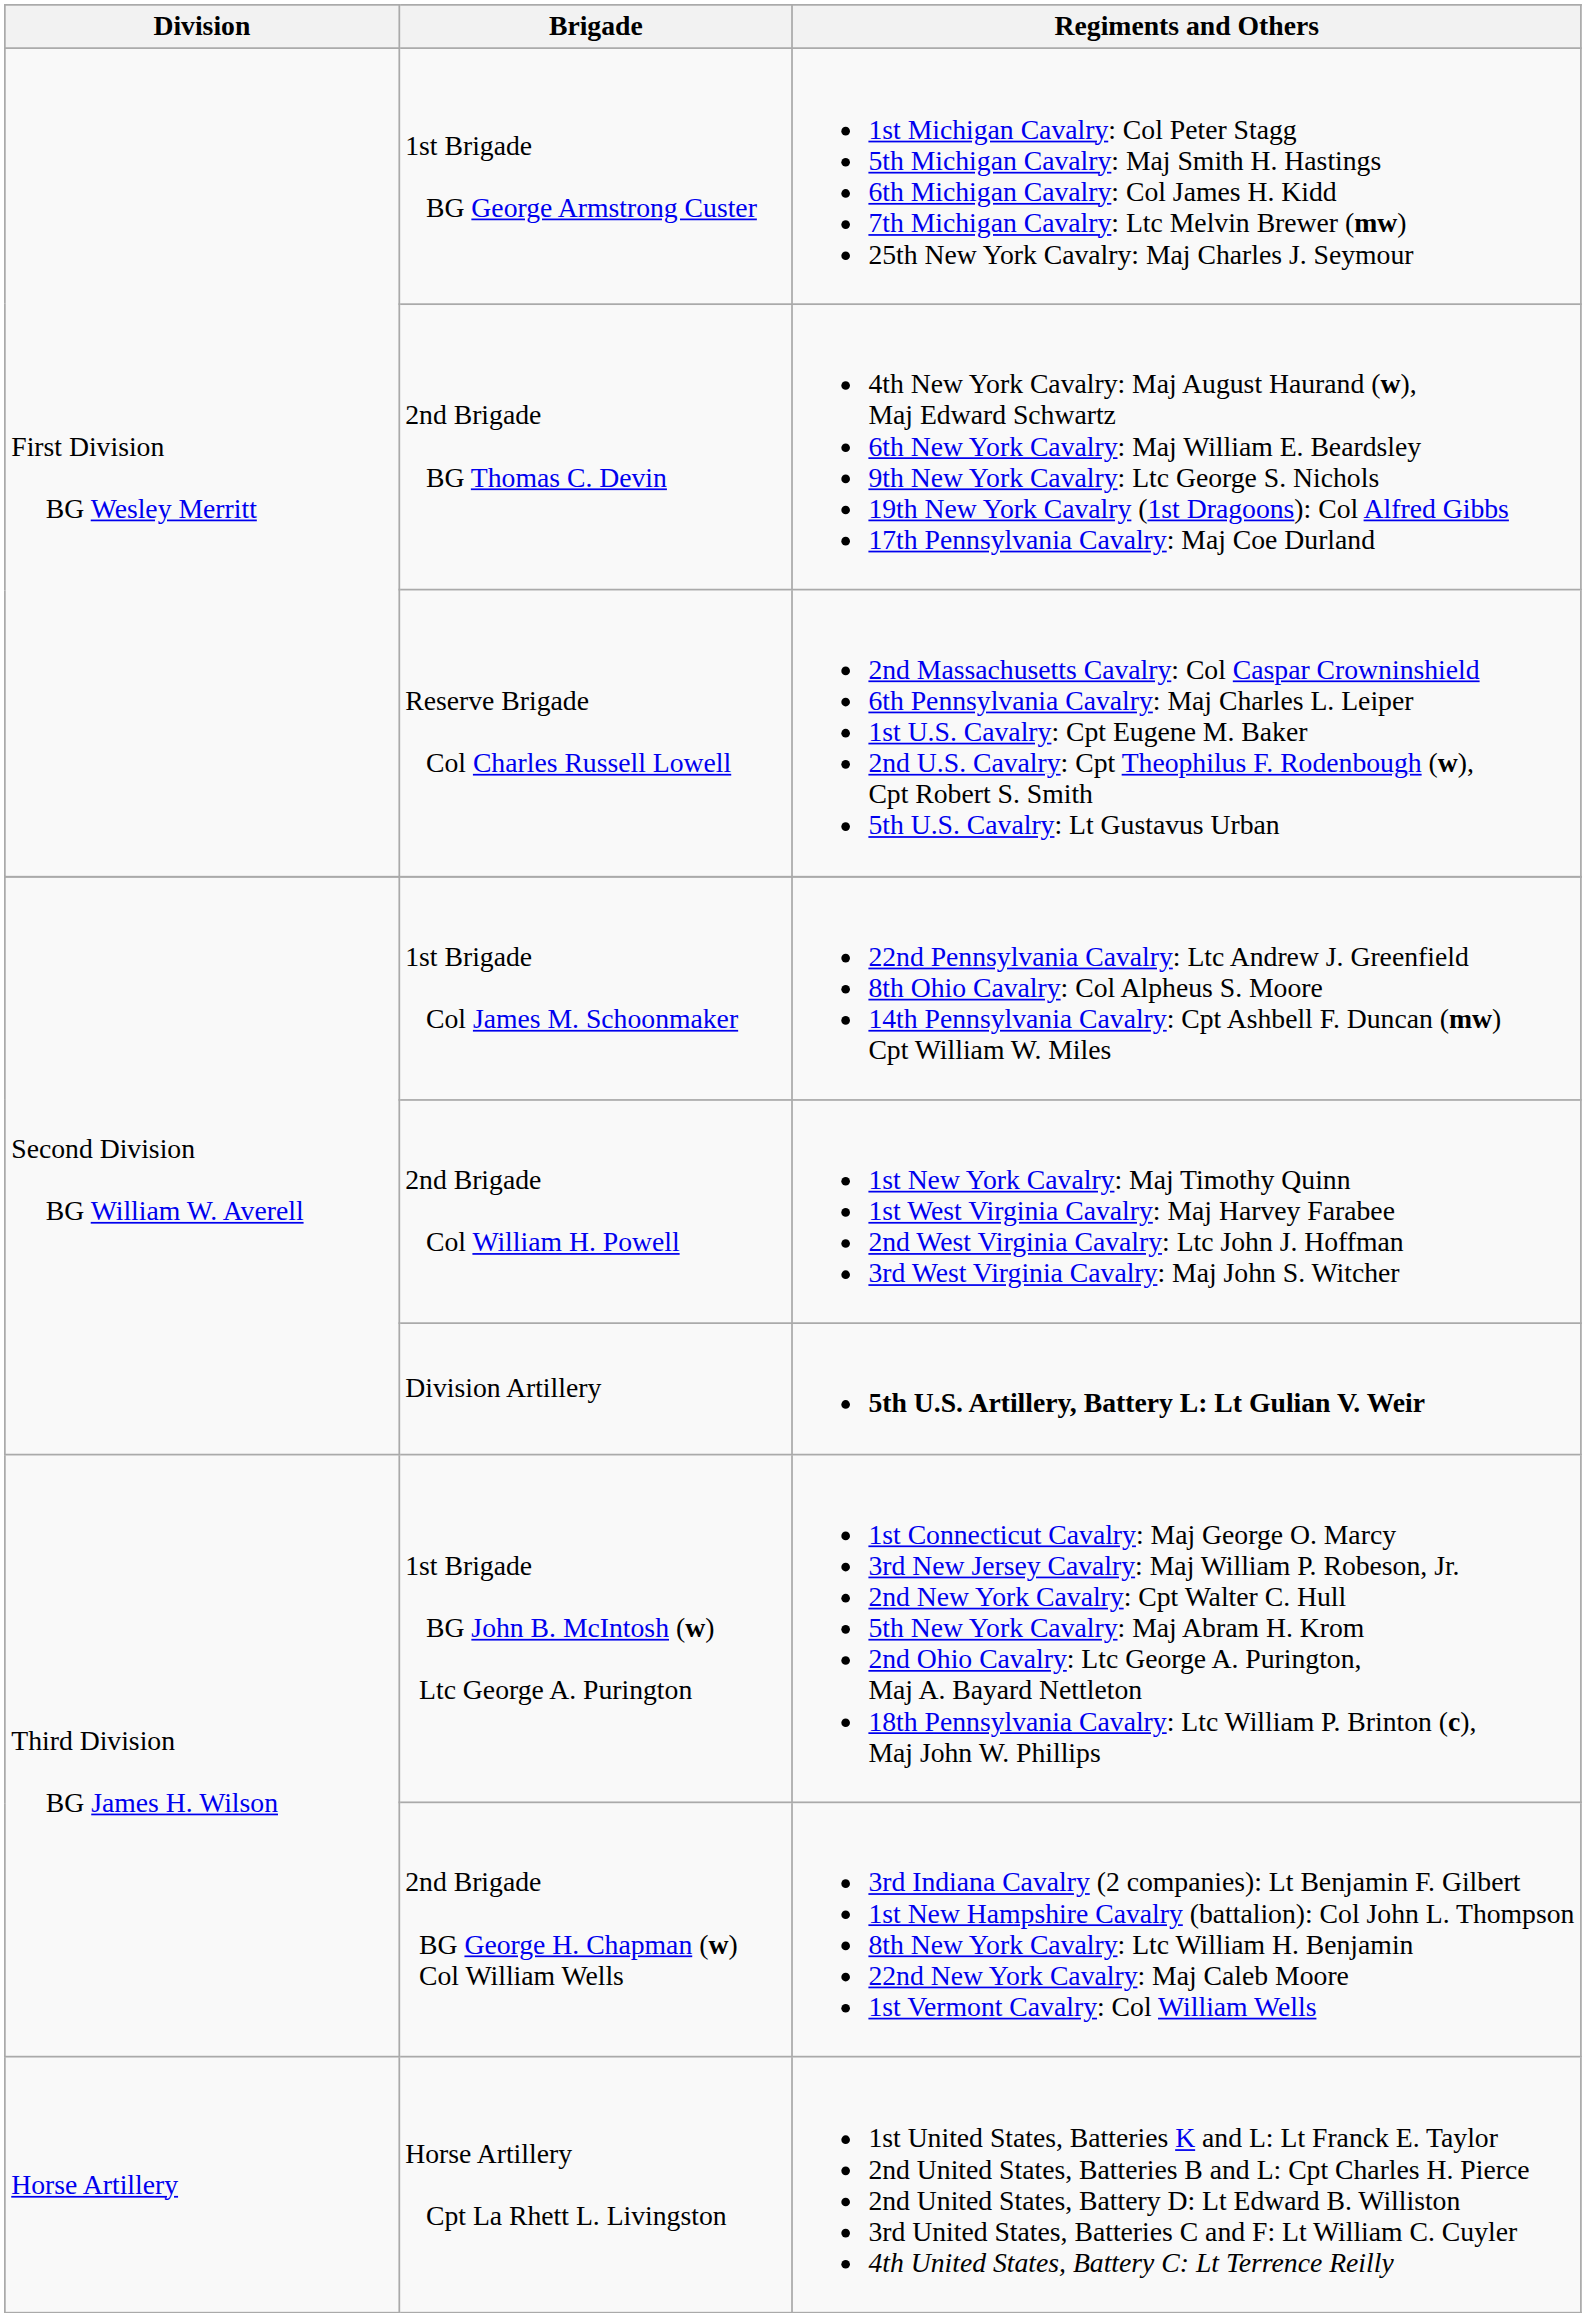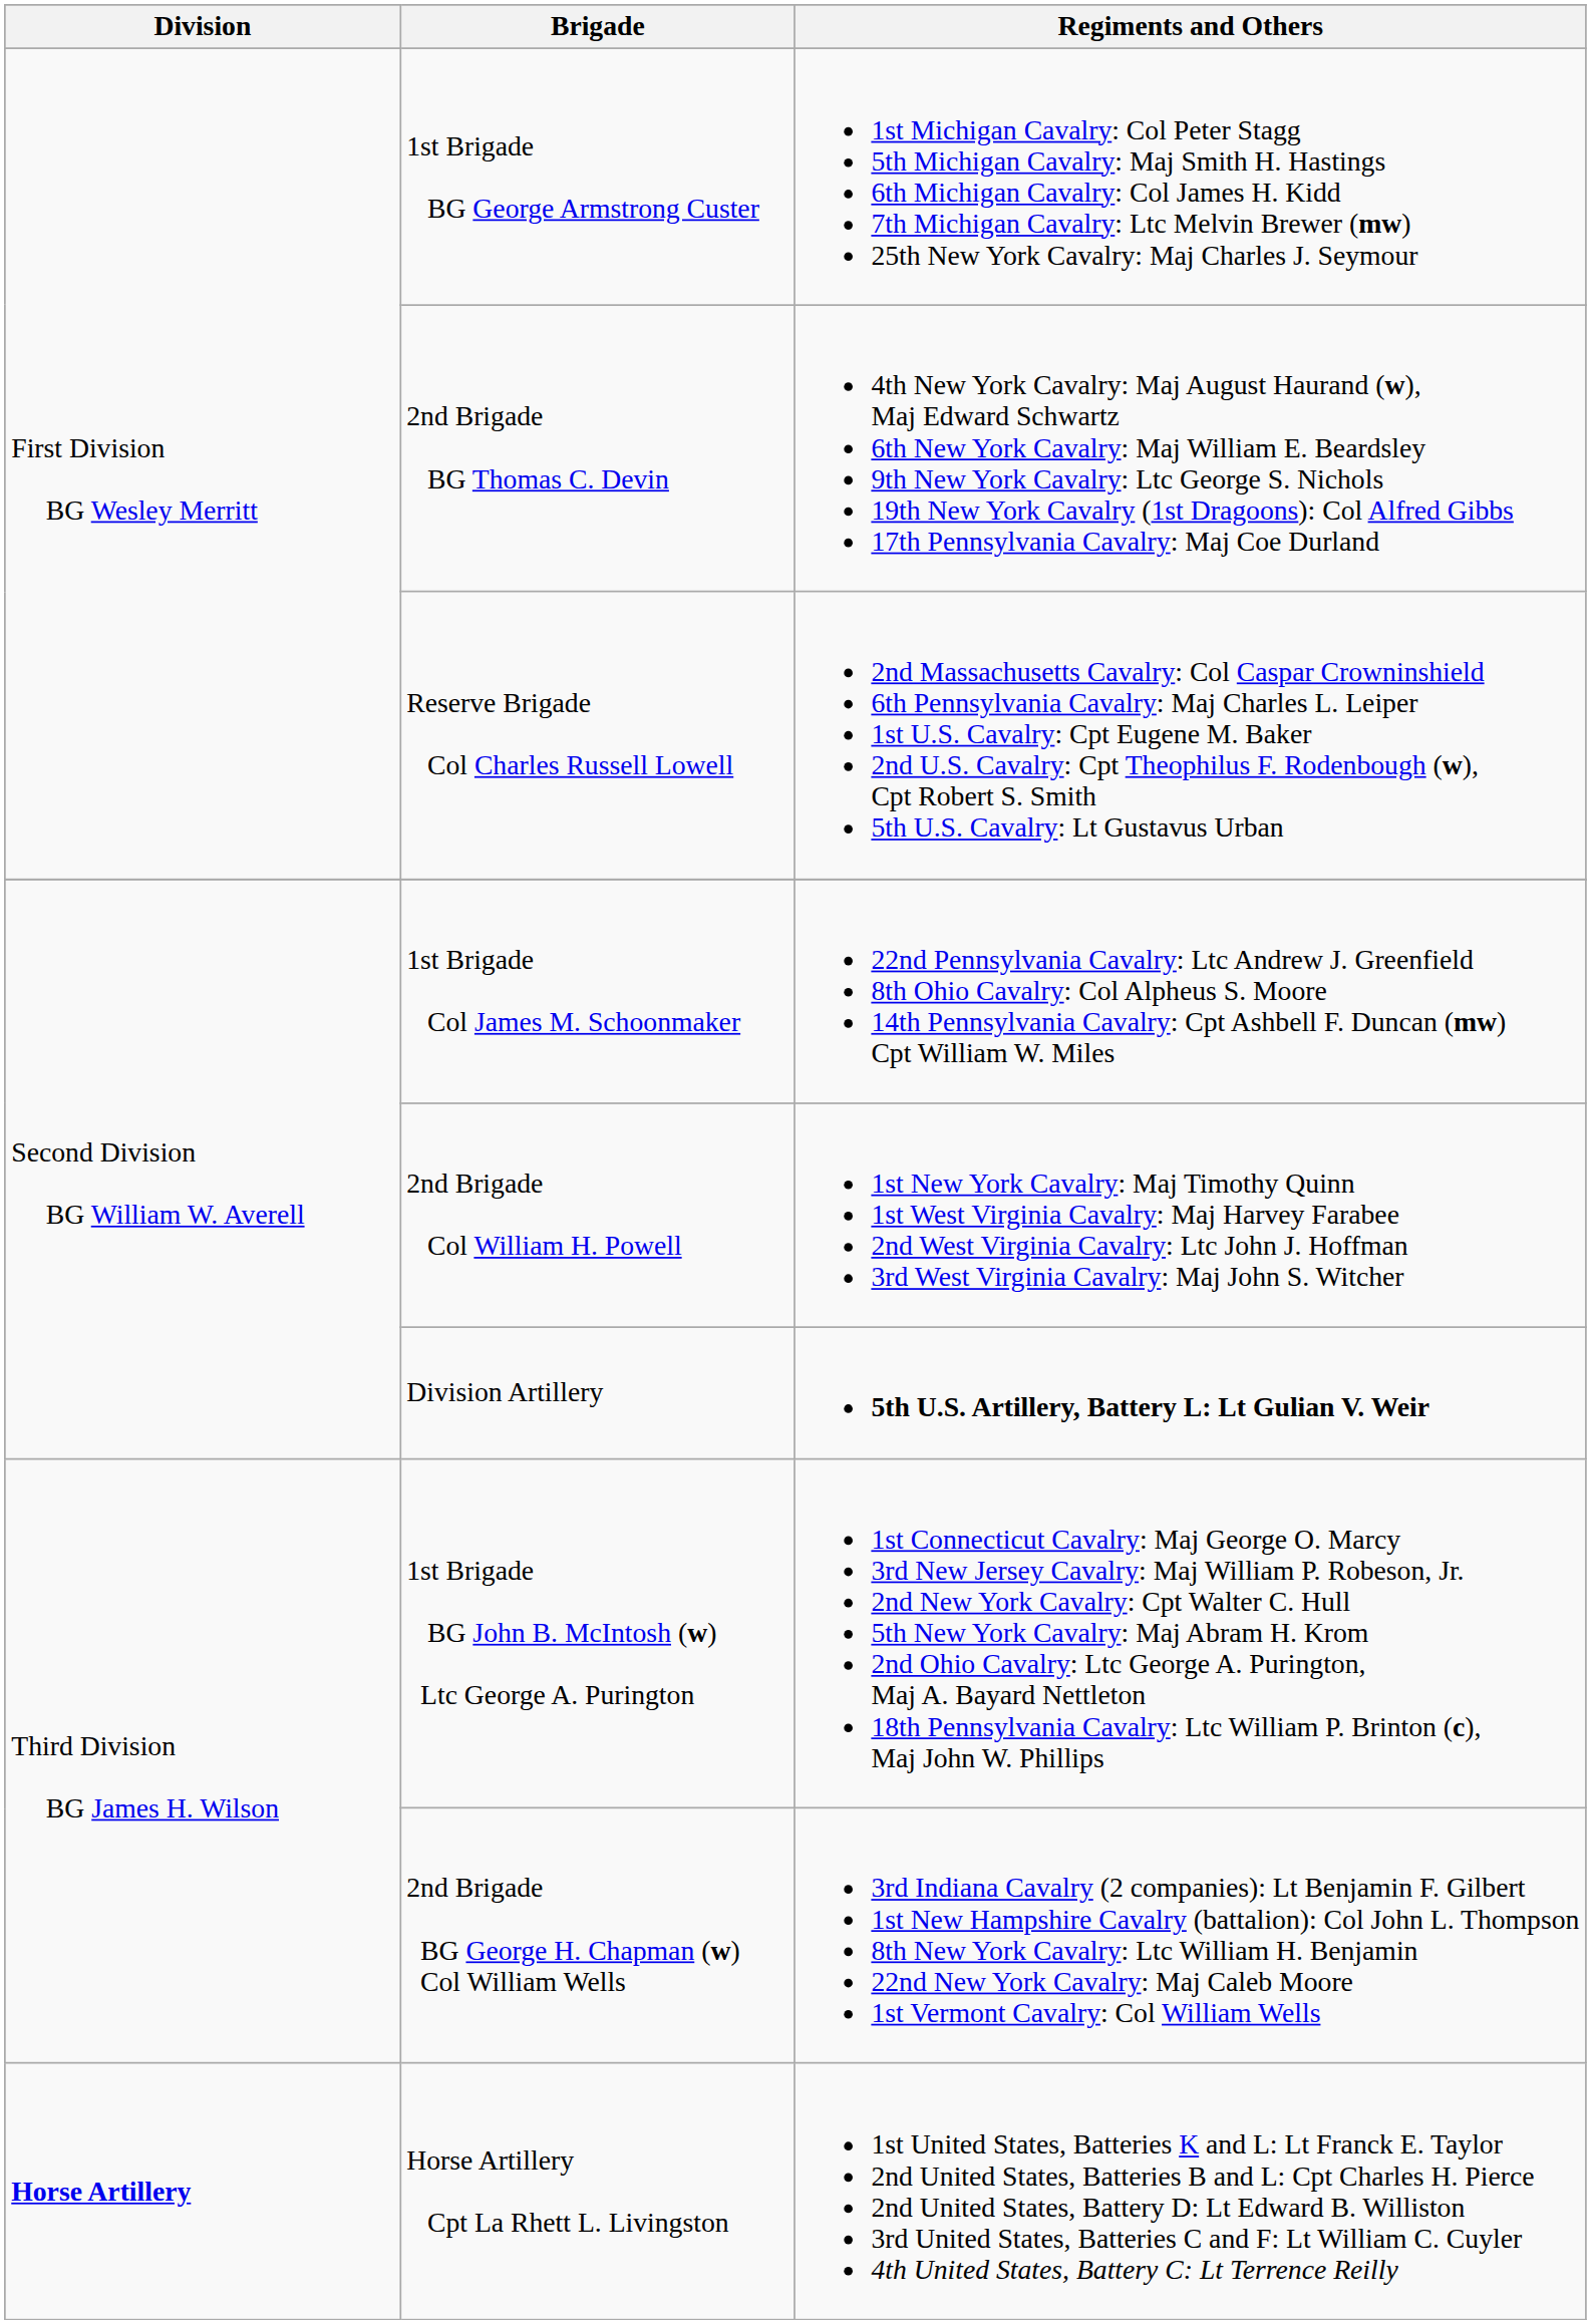 <table class="wikitable">
 <tr>
 <th width=25%>Division</th>
 <th width=25%>Brigade</th>
 <th>Regiments and Others</th>
 </tr>
 <tr>
 <td rowspan=3><br>First Division<br><br>     BG <a href='#'>Wesley Merritt</a></td>
 <td>1st Brigade<br><br>   BG <a href='#'>George Armstrong Custer</a></td>
 <td><br><ul><li><a href='#'>1st Michigan Cavalry</a>: Col Peter Stagg</li><li><a href='#'>5th Michigan Cavalry</a>: Maj Smith H. Hastings</li><li><a href='#'>6th Michigan Cavalry</a>: Col James H. Kidd</li><li><a href='#'>7th Michigan Cavalry</a>: Ltc Melvin Brewer (<strong>mw</strong>)</li><li>25th New York Cavalry: Maj Charles J. Seymour</li></ul></td>
 </tr>
 <tr>
 <td>2nd Brigade<br><br>   BG <a href='#'>Thomas C. Devin</a></td>
 <td><br><ul><li>4th New York Cavalry: Maj August Haurand (<strong>w</strong>),<br> Maj Edward Schwartz</li><li><a href='#'>6th New York Cavalry</a>: Maj William E. Beardsley</li><li><a href='#'>9th New York Cavalry</a>: Ltc George S. Nichols</li><li><a href='#'>19th New York Cavalry</a> (<a href='#'>1st Dragoons</a>): Col <a href='#'>Alfred Gibbs</a></li><li><a href='#'>17th Pennsylvania Cavalry</a>: Maj Coe Durland</li></ul></td>
 </tr>
 <tr>
 <td>Reserve Brigade<br><br>   Col <a href='#'>Charles Russell Lowell</a></td>
 <td><br><ul><li><a href='#'>2nd Massachusetts Cavalry</a>: Col <a href='#'>Caspar Crowninshield</a></li><li><a href='#'>6th Pennsylvania Cavalry</a>: Maj Charles L. Leiper</li><li><a href='#'>1st U.S. Cavalry</a>: Cpt Eugene M. Baker</li><li><a href='#'>2nd U.S. Cavalry</a>: Cpt <a href='#'>Theophilus F. Rodenbough</a> (<strong>w</strong>),<br> Cpt Robert S. Smith</li><li><a href='#'>5th U.S. Cavalry</a>: Lt Gustavus Urban</li></ul></td>
 </tr>
 <tr>
 </tr>
 <tr>
 <td rowspan=3><br>Second Division<br><br>     BG <a href='#'>William W. Averell</a></td>
 <td>1st Brigade<br><br>   Col <a href='#'>James M. Schoonmaker</a></td>
 <td><br><ul><li><a href='#'>22nd Pennsylvania Cavalry</a>: Ltc Andrew J. Greenfield</li><li><a href='#'>8th Ohio Cavalry</a>: Col Alpheus S. Moore</li><li><a href='#'>14th Pennsylvania Cavalry</a>: Cpt Ashbell F. Duncan (<strong>mw</strong>)<br> Cpt William W. Miles</li></ul></td>
 </tr>
 <tr>
 <td>2nd Brigade<br><br>   Col <a href='#'>William H. Powell</a></td>
 <td><br><ul><li><a href='#'>1st New York Cavalry</a>: Maj Timothy Quinn</li><li><a href='#'>1st West Virginia Cavalry</a>: Maj Harvey Farabee</li><li><a href='#'>2nd West Virginia Cavalry</a>: Ltc John J. Hoffman</li><li><a href='#'>3rd West Virginia Cavalry</a>: Maj John S. Witcher</li></ul></td>
 </tr>
 <tr>
 <td>Division Artillery</td>
 <td><strong><br><ul><li>5th U.S. Artillery, Battery L: Lt Gulian V. Weir</li></ul></strong></td>
 </tr>
 <tr>
 <td rowspan=2><br>Third Division<br><br>     BG <a href='#'>James H. Wilson</a></td>
 <td>1st Brigade<br><br>   BG <a href='#'>John B. McIntosh</a> (<strong>w</strong>)<br> <br>  Ltc George A. Purington</td>
 <td><br><ul><li><a href='#'>1st Connecticut Cavalry</a>: Maj George O. Marcy</li><li><a href='#'>3rd New Jersey Cavalry</a>: Maj William P. Robeson, Jr.</li><li><a href='#'>2nd New York Cavalry</a>: Cpt Walter C. Hull</li><li><a href='#'>5th New York Cavalry</a>: Maj Abram H. Krom</li><li><a href='#'>2nd Ohio Cavalry</a>: Ltc George A. Purington,<br> Maj A. Bayard Nettleton</li><li><a href='#'>18th Pennsylvania Cavalry</a>: Ltc William P. Brinton (<strong>c</strong>),<br> Maj John W. Phillips</li></ul></td>
 </tr>
 <tr>
 <td>2nd Brigade<br><br>  BG <a href='#'>George H. Chapman</a> (<strong>w</strong>)<br>  Col William Wells</td>
 <td><br><ul><li><a href='#'>3rd Indiana Cavalry</a> (2 companies): Lt Benjamin F. Gilbert</li><li><a href='#'>1st New Hampshire Cavalry</a> (battalion): Col John L. Thompson</li><li><a href='#'>8th New York Cavalry</a>: Ltc William H. Benjamin</li><li><a href='#'>22nd New York Cavalry</a>: Maj Caleb Moore</li><li><a href='#'>1st Vermont Cavalry</a>: Col <a href='#'>William Wells</a></li></ul></td>
 </tr>
 <tr>
-<td><a href='#'>Horse Artillery</a></td>
+<td><strong><a href='#'>Horse Artillery</a></strong></td>
 <td>Horse Artillery<br><br>   Cpt La Rhett L. Livingston</td>
 <td><br><ul><li>1st United States, Batteries <a href='#'>K</a> and L: Lt Franck E. Taylor</li><li>2nd United States, Batteries B and L: Cpt Charles H. Pierce</li><li>2nd United States, Battery D: Lt Edward B. Williston</li><li>3rd United States, Batteries C and F: Lt William C. Cuyler</li><li><em>4th United States, Battery C: Lt Terrence Reilly</em></li></ul></td>
 </tr>
 </table>
